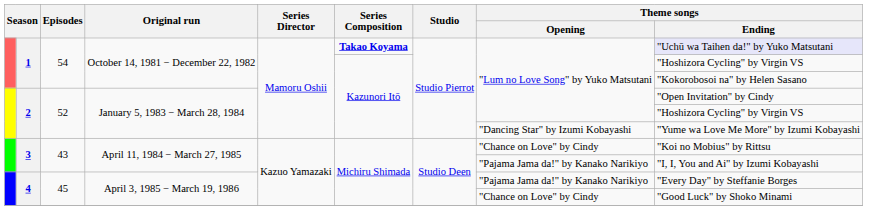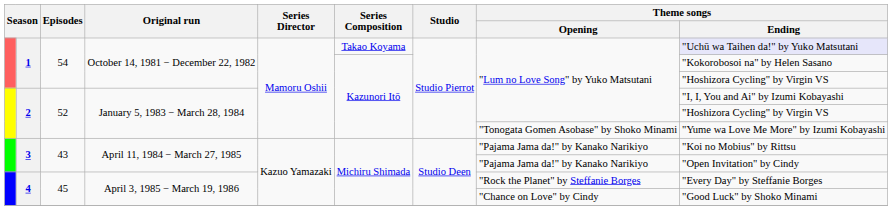 <table class="wikitable">
 <tr>
 <th colspan="2" rowspan="2">Season</th>
 <th rowspan="2">Episodes</th>
 <th rowspan="2">Original run</th>
 <th rowspan="2">Series<br>Director</th>
 <th rowspan="2">Series<br>Composition</th>
 <th rowspan="2">Studio</th>
 <th colspan="2">Theme songs</th>
 </tr>
 <tr>
 <th>Opening</th>
 <th>Ending</th>
 </tr>
 <tr>
 <td align="center" rowspan="3" bgcolor=#FF5F5F height="5px"></td>
 <th rowspan="3"><strong><a href='#'>1</a></strong></th>
 <td align="center" rowspan="3">54</td>
 <td align="center" rowspan="3">October 14, 1981 − December 22, 1982</td>
 <td align="center" rowspan="6"><a href='#'>Mamoru Oshii</a></td>
-<td align="center" rowspan="1"><strong><a href='#'>Takao Koyama</a></strong></td>
+<td align="center" rowspan="1"><a href='#'>Takao Koyama</a></td>
 <td align="center" rowspan="6"><a href='#'>Studio Pierrot</a></td>
 <td rowspan="5">"<a href='#'>Lum no Love Song</a>" by Yuko Matsutani</td>
 <td style="background: lavender;">"Uchū wa Taihen da!" by Yuko Matsutani</td>
 </tr>
 <tr>
 <td align="center" rowspan="5"><a href='#'>Kazunori Itō</a></td>
-<td>"Hoshizora Cycling" by Virgin VS</td>
+<td>"Kokorobosoi na" by Helen Sasano</td>
 </tr>
 <tr>
-<td>"Kokorobosoi na" by Helen Sasano</td>
+<td>"Hoshizora Cycling" by Virgin VS</td>
 </tr>
 <tr>
 <td rowspan="3" bgcolor=#FFFF00 height="5px"></td>
 <th rowspan="3"><strong><a href='#'>2</a></strong></th>
 <td align="center" rowspan="3">52</td>
 <td align="center" rowspan="3">January 5, 1983 − March 28, 1984</td>
-<td>"Open Invitation" by Cindy</td>
+<td>"I, I, You and Ai" by Izumi Kobayashi</td>
 </tr>
 <tr>
 <td>"Hoshizora Cycling" by Virgin VS</td>
 </tr>
 <tr>
-<td>"Dancing Star" by Izumi Kobayashi</td>
+<td>"Tonogata Gomen Asobase" by Shoko Minami</td>
 <td>"Yume wa Love Me More" by Izumi Kobayashi</td>
 </tr>
 <tr>
 <td rowspan="2" bgcolor=#00FF00 height="5px"></td>
 <th rowspan="2"><strong><a href='#'>3</a></strong></th>
 <td align="center" rowspan="2">43</td>
 <td align="center" rowspan="2">April 11, 1984 − March 27, 1985</td>
 <td align="center" rowspan="4">Kazuo Yamazaki</td>
 <td align="center" rowspan="4"><a href='#'>Michiru Shimada</a></td>
 <td align="center" rowspan="4"><a href='#'>Studio Deen</a></td>
-<td>"Chance on Love" by Cindy</td>
+<td>"Pajama Jama da!" by Kanako Narikiyo</td>
 <td>"Koi no Mobius" by Rittsu</td>
 </tr>
 <tr>
 <td>"Pajama Jama da!" by Kanako Narikiyo</td>
-<td>"I, I, You and Ai" by Izumi Kobayashi</td>
+<td>"Open Invitation" by Cindy</td>
 </tr>
 <tr>
 <td rowspan="2" bgcolor=#0000FF height="5px"></td>
 <th rowspan="2"><strong><a href='#'>4</a></strong></th>
 <td align="center" rowspan="2">45</td>
 <td align="center" rowspan="2">April 3, 1985 − March 19, 1986</td>
-<td>"Pajama Jama da!" by Kanako Narikiyo</td>
+<td>"Rock the Planet" by <a href='#'>Steffanie Borges</a></td>
 <td>"Every Day" by Steffanie Borges</td>
 </tr>
 <tr>
 <td>"Chance on Love" by Cindy</td>
 <td>"Good Luck" by Shoko Minami</td>
 </tr>
 <tr>
 </tr>
 </table>
